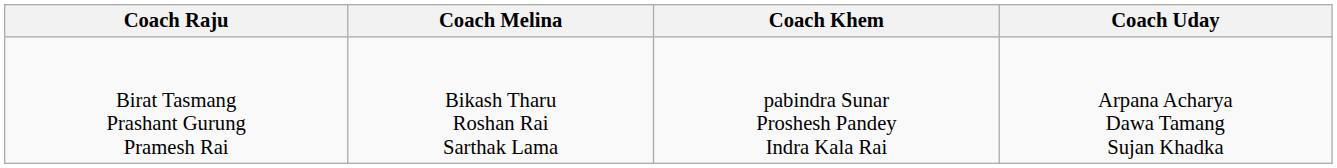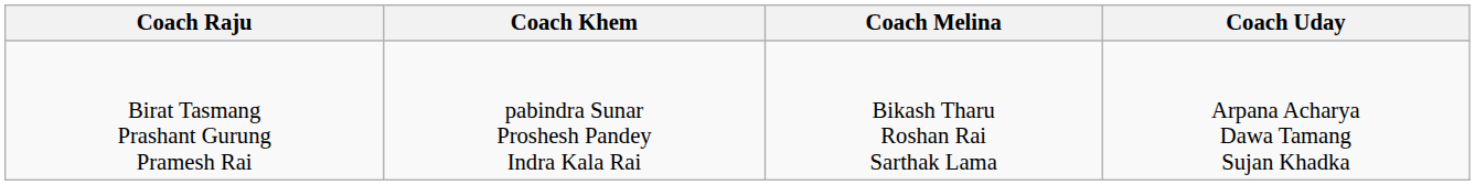 <table class="wikitable" style="text-align: center; width:65%;">
 <tr>
 <th>Coach Raju</th>
+<th>Coach Khem</th>
 <th>Coach Melina</th>
-<th>Coach Khem</th>
 <th>Coach Uday</th>
 </tr>
 <tr>
 <td><br><br>Birat Tasmang <br>Prashant Gurung <br>Pramesh Rai</td>
+<td><br><br>pabindra Sunar <br>Proshesh Pandey <br>Indra Kala Rai</td>
 <td><br><br>Bikash Tharu <br>Roshan Rai <br>Sarthak Lama</td>
-<td><br><br>pabindra Sunar <br>Proshesh Pandey <br>Indra Kala Rai</td>
 <td><br><br>Arpana Acharya <br>Dawa Tamang <br>Sujan Khadka</td>
 </tr>
 </table>
